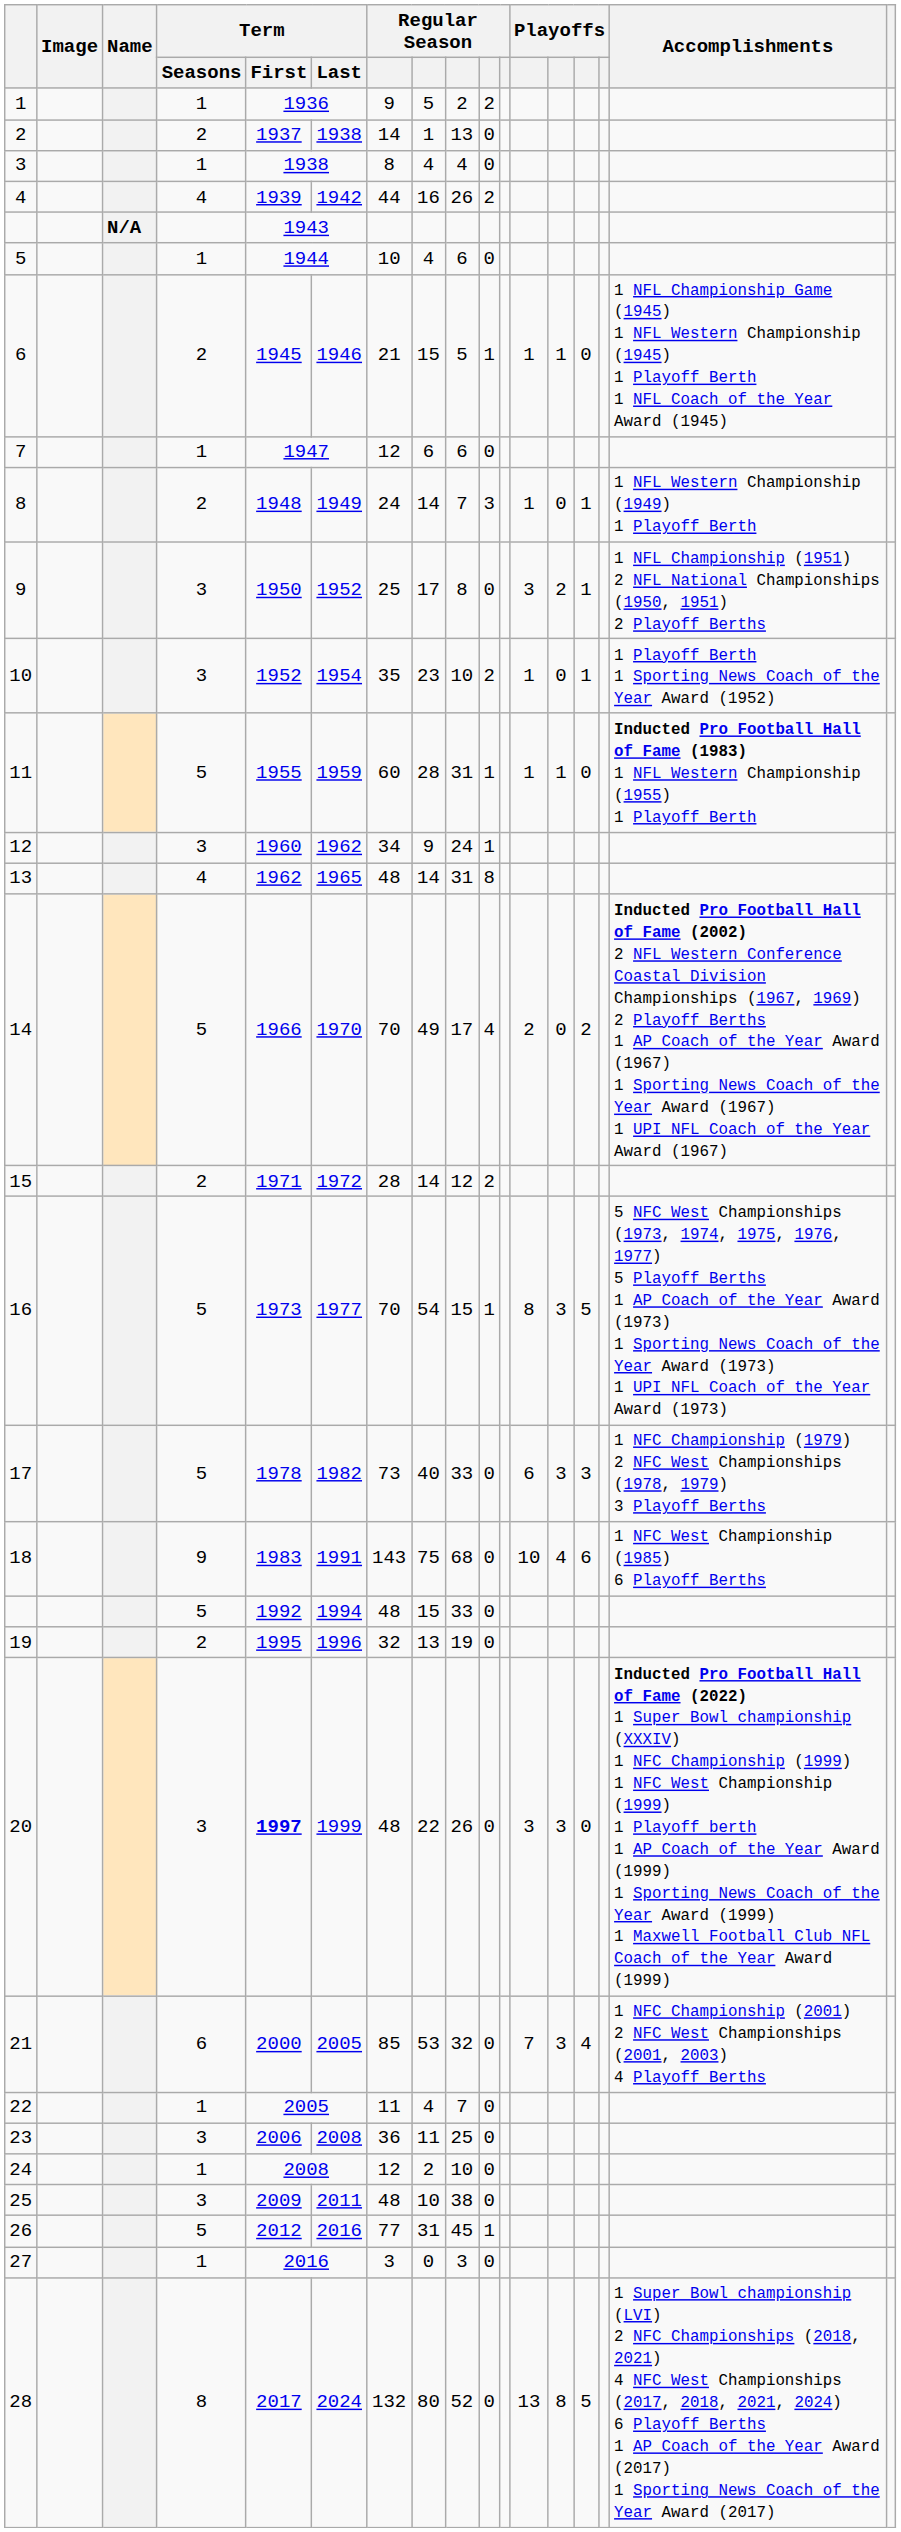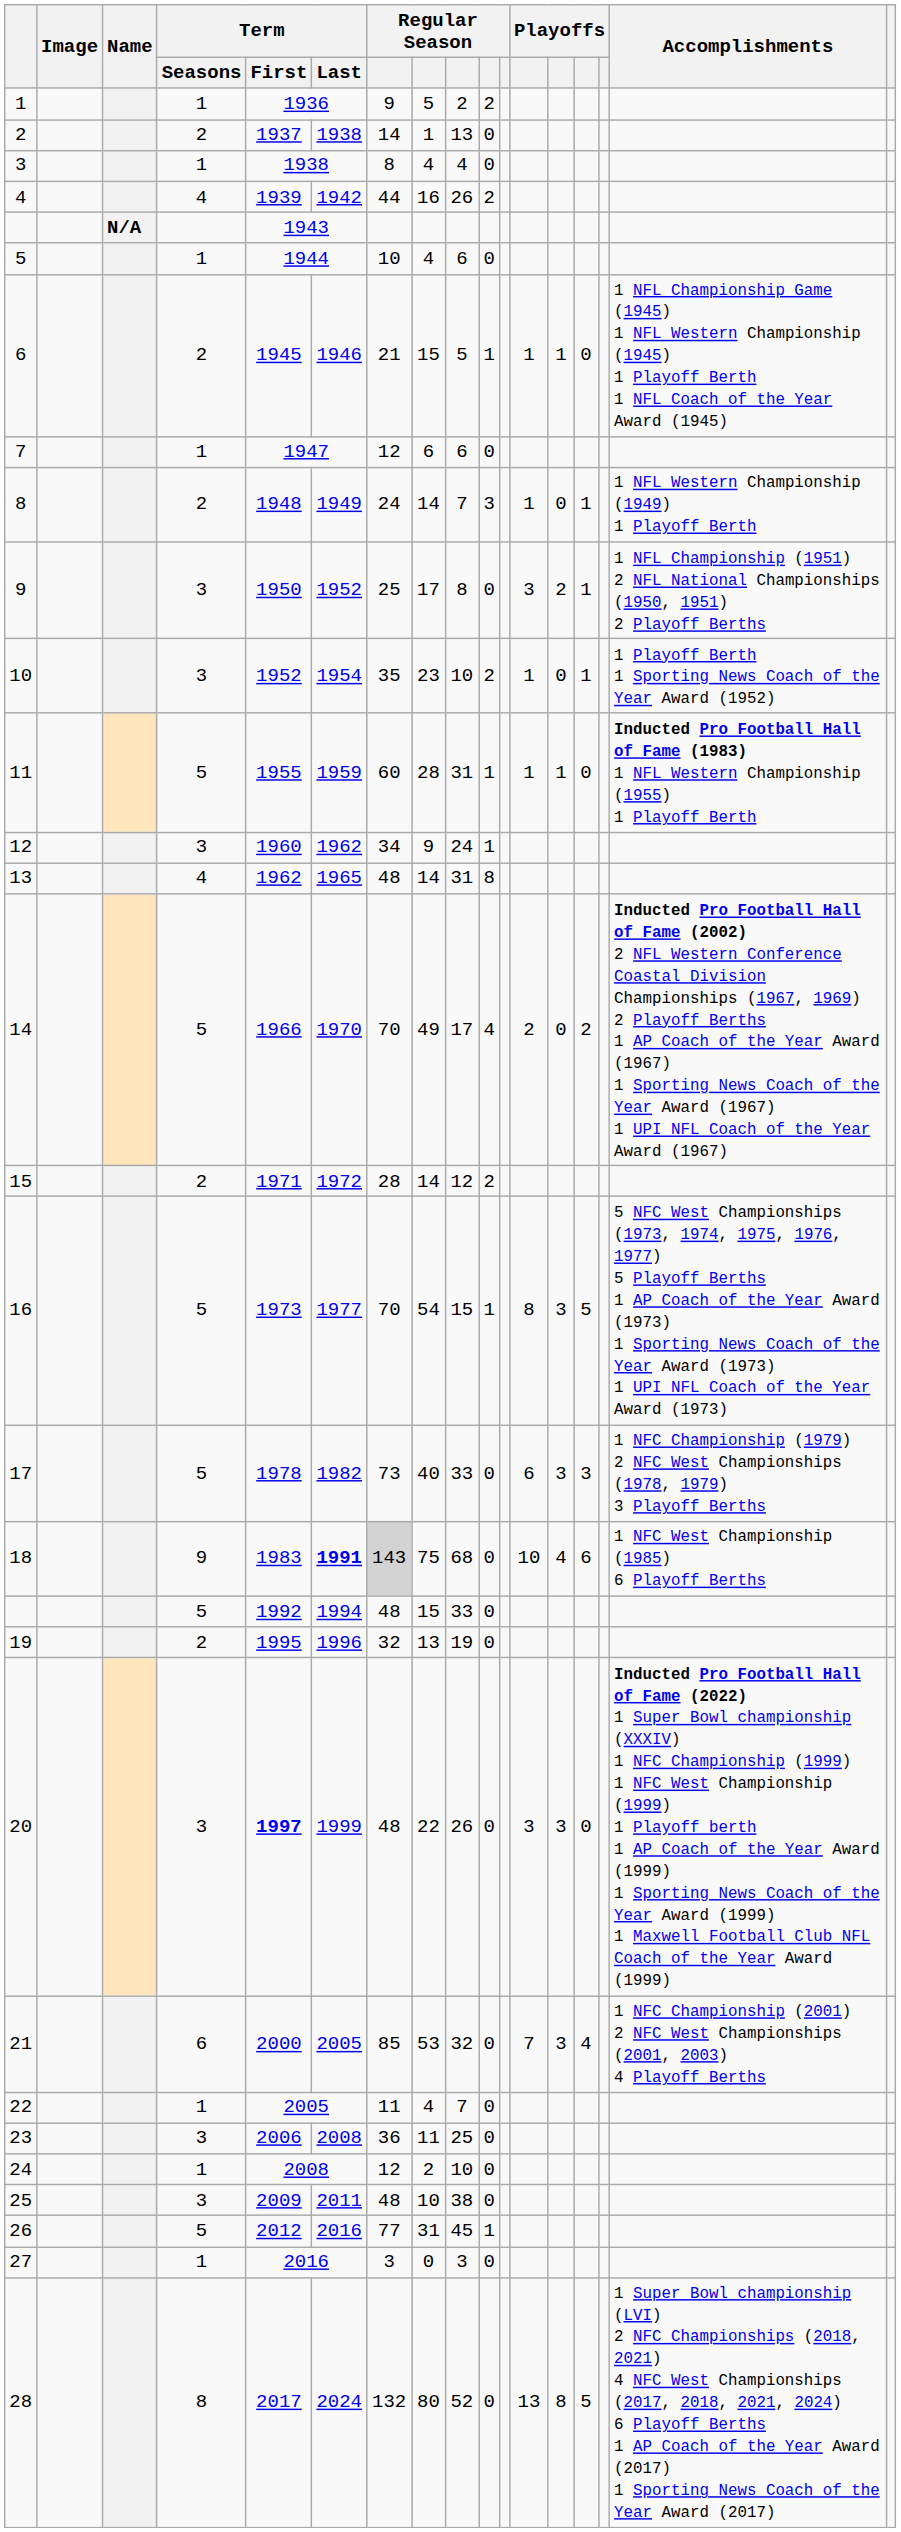 <table class="wikitable sortable" style="text-align:center">
 <tr>
 <th scope="col" rowspan="2"></th>
 <th scope="col" rowspan="2" class="unsortable">Image</th>
 <th scope="col" rowspan="2">Name</th>
 <th scope="col" colspan="3">Term</th>
 <th scope="col" colspan="5">Regular Season</th>
 <th scope="col" colspan="4">Playoffs</th>
 <th scope="col" rowspan="2" class="unsortable">Accomplishments</th>
 <th scope="col" rowspan="2" class="unsortable"></th>
 </tr>
 <tr>
 <th scope="col">Seasons</th>
 <th scope="col">First</th>
 <th scope="col">Last</th>
 <th scope="col"></th>
 <th scope="col"></th>
 <th scope="col"></th>
 <th scope="col"></th>
 <th scope="col"></th>
 <th scope="col"></th>
 <th scope="col"></th>
 <th scope="col"></th>
 <th scope="col"></th>
 </tr>
 <tr>
 <td>1</td>
 <td></td>
 <th scope="row" style="text-align: left;"></th>
 <td>1</td>
 <td colspan="2"><a href='#'>1936</a></td>
 <td>9</td>
 <td>5</td>
 <td>2</td>
 <td>2</td>
 <td></td>
 <td></td>
 <td></td>
 <td></td>
 <td></td>
 <td></td>
 <td></td>
 </tr>
 <tr>
 <td>2</td>
 <td></td>
 <th scope="row" style="text-align: left;"></th>
 <td>2</td>
 <td><a href='#'>1937</a></td>
 <td><a href='#'>1938</a></td>
 <td>14</td>
 <td>1</td>
 <td>13</td>
 <td>0</td>
 <td></td>
 <td></td>
 <td></td>
 <td></td>
 <td></td>
 <td></td>
 <td></td>
 </tr>
 <tr>
 <td>3</td>
 <td></td>
 <th scope="row" style="text-align: left;"></th>
 <td>1</td>
 <td colspan="2"><a href='#'>1938</a></td>
 <td>8</td>
 <td>4</td>
 <td>4</td>
 <td>0</td>
 <td></td>
 <td></td>
 <td></td>
 <td></td>
 <td></td>
 <td></td>
 <td></td>
 </tr>
 <tr>
 <td>4</td>
 <td></td>
 <th scope="row" style="text-align: left;"></th>
 <td>4</td>
 <td><a href='#'>1939</a></td>
 <td><a href='#'>1942</a></td>
 <td>44</td>
 <td>16</td>
 <td>26</td>
 <td>2</td>
 <td></td>
 <td></td>
 <td></td>
 <td></td>
 <td></td>
 <td></td>
 <td></td>
 </tr>
 <tr>
 <td></td>
 <td></td>
 <th scope="row" style="text-align: left;">N/A</th>
 <td></td>
 <td colspan="2"><a href='#'>1943</a></td>
 <td></td>
 <td></td>
 <td></td>
 <td></td>
 <td></td>
 <td></td>
 <td></td>
 <td></td>
 <td></td>
 <td></td>
 <td></td>
 </tr>
 <tr>
 <td>5</td>
 <td></td>
 <th scope="row" style="text-align: left;"></th>
 <td>1</td>
 <td colspan="2"><a href='#'>1944</a></td>
 <td>10</td>
 <td>4</td>
 <td>6</td>
 <td>0</td>
 <td></td>
 <td></td>
 <td></td>
 <td></td>
 <td></td>
 <td></td>
 <td></td>
 </tr>
 <tr>
 <td>6</td>
 <td></td>
 <th scope="row" style="text-align: left;"></th>
 <td>2</td>
 <td><a href='#'>1945</a></td>
 <td><a href='#'>1946</a></td>
 <td>21</td>
 <td>15</td>
 <td>5</td>
 <td>1</td>
 <td></td>
 <td>1</td>
 <td>1</td>
 <td>0</td>
 <td></td>
 <td align="left"><small>1 <a href='#'>NFL Championship Game</a> (<a href='#'>1945</a>)<br>1 <a href='#'>NFL Western</a> Championship (<a href='#'>1945</a>)<br>1 <a href='#'>Playoff Berth</a><br>1 <a href='#'>NFL Coach of the Year</a> Award (1945)</small></td>
 <td></td>
 </tr>
 <tr>
 <td>7</td>
 <td></td>
 <th scope="row" style="text-align: left;"></th>
 <td>1</td>
 <td colspan="2"><a href='#'>1947</a></td>
 <td>12</td>
 <td>6</td>
 <td>6</td>
 <td>0</td>
 <td></td>
 <td></td>
 <td></td>
 <td></td>
 <td></td>
 <td></td>
 <td></td>
 </tr>
 <tr>
 <td>8</td>
 <td></td>
 <th scope="row" style="text-align: left;"></th>
 <td>2</td>
 <td><a href='#'>1948</a></td>
 <td><a href='#'>1949</a></td>
 <td>24</td>
 <td>14</td>
 <td>7</td>
 <td>3</td>
 <td></td>
 <td>1</td>
 <td>0</td>
 <td>1</td>
 <td></td>
 <td align="left"><small>1 <a href='#'>NFL Western</a> Championship (<a href='#'>1949</a>)<br>1 <a href='#'>Playoff Berth</a></small></td>
 <td></td>
 </tr>
 <tr>
 <td>9</td>
 <td></td>
 <th scope="row" style="text-align: left;"></th>
 <td>3</td>
 <td><a href='#'>1950</a></td>
 <td><a href='#'>1952</a></td>
 <td>25</td>
 <td>17</td>
 <td>8</td>
 <td>0</td>
 <td></td>
 <td>3</td>
 <td>2</td>
 <td>1</td>
 <td></td>
 <td align="left"><small>1 <a href='#'>NFL Championship</a> (<a href='#'>1951</a>)<br>2 <a href='#'>NFL National</a> Championships (<a href='#'>1950</a>, <a href='#'>1951</a>)<br>2 <a href='#'>Playoff Berths</a></small></td>
 <td></td>
 </tr>
 <tr>
 <td>10</td>
 <td></td>
 <th scope="row" style="text-align: left;"></th>
 <td>3</td>
 <td><a href='#'>1952</a></td>
 <td><a href='#'>1954</a></td>
 <td>35</td>
 <td>23</td>
 <td>10</td>
 <td>2</td>
 <td></td>
 <td>1</td>
 <td>0</td>
 <td>1</td>
 <td></td>
 <td align="left"><small>1 <a href='#'>Playoff Berth</a><br>1 <a href='#'>Sporting News Coach of the Year</a> Award (1952)</small></td>
 <td></td>
 </tr>
 <tr>
 <td>11</td>
 <td></td>
 <th scope="row" style="background:#FFE6BD; text-align: left;"> </th>
 <td>5</td>
 <td><a href='#'>1955</a></td>
 <td><a href='#'>1959</a></td>
 <td>60</td>
 <td>28</td>
 <td>31</td>
 <td>1</td>
 <td></td>
 <td>1</td>
 <td>1</td>
 <td>0</td>
 <td></td>
 <td align="left"><small><strong>Inducted <a href='#'>Pro Football Hall of Fame</a> (1983)</strong><br>1 <a href='#'>NFL Western</a> Championship (<a href='#'>1955</a>)<br>1 <a href='#'>Playoff Berth</a></small></td>
 <td></td>
 </tr>
 <tr>
 <td>12</td>
 <td></td>
 <th scope="row" style="text-align: left;"></th>
 <td>3</td>
 <td><a href='#'>1960</a></td>
 <td><a href='#'>1962</a></td>
 <td>34</td>
 <td>9</td>
 <td>24</td>
 <td>1</td>
 <td></td>
 <td></td>
 <td></td>
 <td></td>
 <td></td>
 <td></td>
 <td></td>
 </tr>
 <tr>
 <td>13</td>
 <td></td>
 <th scope="row" style="text-align: left;"></th>
 <td>4</td>
 <td><a href='#'>1962</a></td>
 <td><a href='#'>1965</a></td>
 <td>48</td>
 <td>14</td>
 <td>31</td>
 <td>8</td>
 <td></td>
 <td></td>
 <td></td>
 <td></td>
 <td></td>
 <td></td>
 <td></td>
 </tr>
 <tr>
 <td>14</td>
 <td></td>
 <th scope="row" style="background:#FFE6BD; text-align: left;"> </th>
 <td>5</td>
 <td><a href='#'>1966</a></td>
 <td><a href='#'>1970</a></td>
 <td>70</td>
 <td>49</td>
 <td>17</td>
 <td>4</td>
 <td></td>
 <td>2</td>
 <td>0</td>
 <td>2</td>
 <td></td>
 <td align="left"><small><strong>Inducted <a href='#'>Pro Football Hall of Fame</a> (2002)</strong><br>2 <a href='#'>NFL Western Conference Coastal Division</a> Championships (<a href='#'>1967</a>, <a href='#'>1969</a>)<br>2 <a href='#'>Playoff Berths</a><br>1 <a href='#'>AP Coach of the Year</a> Award (1967)<br>1 <a href='#'>Sporting News Coach of the Year</a> Award (1967)<br>1 <a href='#'>UPI NFL Coach of the Year</a> Award (1967)</small></td>
 <td><br></td>
 </tr>
 <tr>
 <td>15</td>
 <td></td>
 <th scope="row" style="text-align: left;"></th>
 <td>2</td>
 <td><a href='#'>1971</a></td>
 <td><a href='#'>1972</a></td>
 <td>28</td>
 <td>14</td>
 <td>12</td>
 <td>2</td>
 <td></td>
 <td></td>
 <td></td>
 <td></td>
 <td></td>
 <td></td>
 <td></td>
 </tr>
 <tr>
 <td>16</td>
 <td></td>
 <th scope="row" style="text-align: left;"></th>
 <td>5</td>
 <td><a href='#'>1973</a></td>
 <td><a href='#'>1977</a></td>
 <td>70</td>
 <td>54</td>
 <td>15</td>
 <td>1</td>
 <td></td>
 <td>8</td>
 <td>3</td>
 <td>5</td>
 <td></td>
 <td align="left"><small>5 <a href='#'>NFC West</a> Championships (<a href='#'>1973</a>, <a href='#'>1974</a>, <a href='#'>1975</a>, <a href='#'>1976</a>, <a href='#'>1977</a>)<br>5 <a href='#'>Playoff Berths</a><br>1 <a href='#'>AP Coach of the Year</a> Award (1973)<br>1 <a href='#'>Sporting News Coach of the Year</a> Award (1973)<br>1 <a href='#'>UPI NFL Coach of the Year</a> Award (1973)</small></td>
 <td><br></td>
 </tr>
 <tr>
 <td>17</td>
 <td></td>
 <th scope="row" style="text-align: left;"></th>
 <td>5</td>
 <td><a href='#'>1978</a></td>
 <td><a href='#'>1982</a></td>
 <td>73</td>
 <td>40</td>
 <td>33</td>
 <td>0</td>
 <td></td>
 <td>6</td>
 <td>3</td>
 <td>3</td>
 <td></td>
 <td align="left"><small>1 <a href='#'>NFC Championship</a> (<a href='#'>1979</a>)<br>2 <a href='#'>NFC West</a> Championships (<a href='#'>1978</a>, <a href='#'>1979</a>)<br>3 <a href='#'>Playoff Berths</a></small></td>
 <td></td>
 </tr>
 <tr>
 <td>18</td>
 <td></td>
 <th scope="row" style="text-align: left;"></th>
 <td>9</td>
 <td><a href='#'>1983</a></td>
-<td><a href='#'>1991</a></td>
-<td>143</td>
+<td><strong><a href='#'>1991</a></strong></td>
+<td style="background: lightgrey;">143</td>
 <td>75</td>
 <td>68</td>
 <td>0</td>
 <td></td>
 <td>10</td>
 <td>4</td>
 <td>6</td>
 <td></td>
 <td align="left"><small>1 <a href='#'>NFC West</a> Championship (<a href='#'>1985</a>)<br>6 <a href='#'>Playoff Berths</a></small></td>
 <td></td>
 </tr>
 <tr>
 <td></td>
 <td></td>
 <th scope="row" style="text-align: left;"></th>
 <td>5</td>
 <td><a href='#'>1992</a></td>
 <td><a href='#'>1994</a></td>
 <td>48</td>
 <td>15</td>
 <td>33</td>
 <td>0</td>
 <td></td>
 <td></td>
 <td></td>
 <td></td>
 <td></td>
 <td></td>
 <td></td>
 </tr>
 <tr>
 <td>19</td>
 <td></td>
 <th scope="row" style="text-align: left;"></th>
 <td>2</td>
 <td><a href='#'>1995</a></td>
 <td><a href='#'>1996</a></td>
 <td>32</td>
 <td>13</td>
 <td>19</td>
 <td>0</td>
 <td></td>
 <td></td>
 <td></td>
 <td></td>
 <td></td>
 <td></td>
 <td></td>
 </tr>
 <tr>
 <td>20</td>
 <td></td>
 <th scope="row" style="background:#FFE6BD; text-align: left;"> </th>
 <td>3</td>
 <td><strong><a href='#'>1997</a></strong></td>
 <td><a href='#'>1999</a></td>
 <td>48</td>
 <td>22</td>
 <td>26</td>
 <td>0</td>
 <td></td>
 <td>3</td>
 <td>3</td>
 <td>0</td>
 <td></td>
 <td align="left"><small><strong>Inducted <a href='#'>Pro Football Hall of Fame</a> (2022)</strong><br>1 <a href='#'>Super Bowl championship</a> (<a href='#'>XXXIV</a>)<br>1 <a href='#'>NFC Championship</a> (<a href='#'>1999</a>)<br>1 <a href='#'>NFC West</a> Championship (<a href='#'>1999</a>)<br>1 <a href='#'>Playoff berth</a><br>1 <a href='#'>AP Coach of the Year</a> Award (1999)<br>1 <a href='#'>Sporting News Coach of the Year</a> Award (1999)<br>1 <a href='#'>Maxwell Football Club NFL Coach of the Year</a> Award (1999)</small></td>
 <td><br><br></td>
 </tr>
 <tr>
 <td>21</td>
 <td></td>
 <th scope="row" style="text-align: left;"></th>
 <td>6</td>
 <td><a href='#'>2000</a></td>
 <td><a href='#'>2005</a></td>
 <td>85</td>
 <td>53</td>
 <td>32</td>
 <td>0</td>
 <td></td>
 <td>7</td>
 <td>3</td>
 <td>4</td>
 <td></td>
 <td align="left"><small>1 <a href='#'>NFC Championship</a> (<a href='#'>2001</a>)<br>2 <a href='#'>NFC West</a> Championships (<a href='#'>2001</a>, <a href='#'>2003</a>)<br>4 <a href='#'>Playoff Berths</a></small></td>
 <td></td>
 </tr>
 <tr>
 <td>22</td>
 <td></td>
 <th scope="row" style="text-align: left;"></th>
 <td>1</td>
 <td colspan="2"><a href='#'>2005</a></td>
 <td>11</td>
 <td>4</td>
 <td>7</td>
 <td>0</td>
 <td></td>
 <td></td>
 <td></td>
 <td></td>
 <td></td>
 <td></td>
 <td></td>
 </tr>
 <tr>
 <td>23</td>
 <td></td>
 <th scope="row" style="text-align: left;"></th>
 <td>3</td>
 <td><a href='#'>2006</a></td>
 <td><a href='#'>2008</a></td>
 <td>36</td>
 <td>11</td>
 <td>25</td>
 <td>0</td>
 <td></td>
 <td></td>
 <td></td>
 <td></td>
 <td></td>
 <td></td>
 <td></td>
 </tr>
 <tr>
 <td>24</td>
 <td></td>
 <th scope="row" style="text-align: left;"></th>
 <td>1</td>
 <td colspan="2"><a href='#'>2008</a></td>
 <td>12</td>
 <td>2</td>
 <td>10</td>
 <td>0</td>
 <td></td>
 <td></td>
 <td></td>
 <td></td>
 <td></td>
 <td></td>
 <td></td>
 </tr>
 <tr>
 <td>25</td>
 <td></td>
 <th scope="row" style="text-align: left;"></th>
 <td>3</td>
 <td><a href='#'>2009</a></td>
 <td><a href='#'>2011</a></td>
 <td>48</td>
 <td>10</td>
 <td>38</td>
 <td>0</td>
 <td></td>
 <td></td>
 <td></td>
 <td></td>
 <td></td>
 <td></td>
 <td></td>
 </tr>
 <tr>
 <td>26</td>
 <td></td>
 <th scope="row" style="text-align: left;"></th>
 <td>5</td>
 <td><a href='#'>2012</a></td>
 <td><a href='#'>2016</a></td>
 <td>77</td>
 <td>31</td>
 <td>45</td>
 <td>1</td>
 <td></td>
 <td></td>
 <td></td>
 <td></td>
 <td></td>
 <td></td>
 <td></td>
 </tr>
 <tr>
 <td>27</td>
 <td></td>
 <th scope="row" style="text-align: left;"></th>
 <td>1</td>
 <td colspan="2"><a href='#'>2016</a></td>
 <td>3</td>
 <td>0</td>
 <td>3</td>
 <td>0</td>
 <td></td>
 <td></td>
 <td></td>
 <td></td>
 <td></td>
 <td></td>
 <td></td>
 </tr>
 <tr>
 <td>28</td>
 <td></td>
 <th scope="row" style="text-align: left;"></th>
 <td>8</td>
 <td><a href='#'>2017</a></td>
 <td><a href='#'>2024</a></td>
 <td>132</td>
 <td>80</td>
 <td>52</td>
 <td>0</td>
 <td></td>
 <td>13</td>
 <td>8</td>
 <td>5</td>
 <td></td>
 <td align="left"><small>1 <a href='#'>Super Bowl championship</a> (<a href='#'>LVI</a>)<br>2 <a href='#'>NFC Championships</a> (<a href='#'>2018</a>, <a href='#'>2021</a>)<br>4 <a href='#'>NFC West</a> Championships (<a href='#'>2017</a>, <a href='#'>2018</a>, <a href='#'>2021</a>, <a href='#'>2024</a>)<br>6 <a href='#'>Playoff Berths</a><br>1 <a href='#'>AP Coach of the Year</a> Award (2017)<br>1 <a href='#'>Sporting News Coach of the Year</a> Award (2017)</small></td>
 <td><br></td>
 </tr>
 </table>
